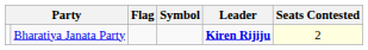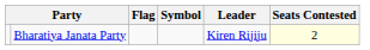 <table class="wikitable" style="text-align:center">
 <tr>
 <th colspan="2">Party</th>
 <th>Flag</th>
 <th>Symbol</th>
 <th>Leader</th>
 <th>Seats Contested</th>
 </tr>
 <tr>
 <td></td>
 <td><a href='#'>Bharatiya Janata Party</a></td>
 <td></td>
 <td></td>
-<td><strong><a href='#'>Kiren Rijiju</a></strong></td>
+<td><a href='#'>Kiren Rijiju</a></td>
 <td style="background: lightyellow;">2</td>
 </tr>
 </table>
